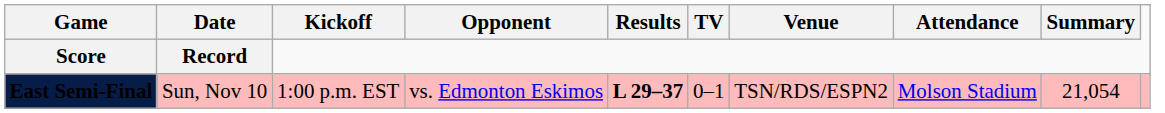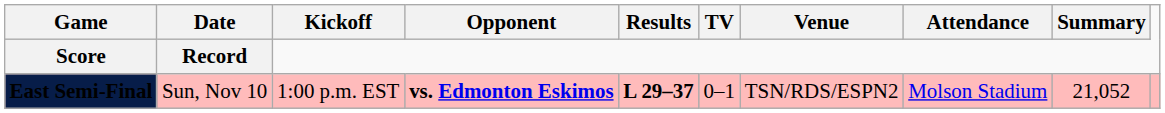 <table class="wikitable" style="font-size: 95%;">
 <tr>
 <th scope="col">Game</th>
 <th scope="col">Date</th>
 <th scope="col">Kickoff</th>
 <th scope="col">Opponent</th>
 <th scope="col">Results</th>
 <th scope="col">TV</th>
 <th scope="col">Venue</th>
 <th scope="col">Attendance</th>
 <th scope="col">Summary</th>
 </tr>
 <tr>
 <th scope="col">Score</th>
 <th scope="col">Record</th>
 </tr>
 <tr align="center" bgcolor="#ffbbbb">
 <th style="text-align:center; background:#071D49;"><span><strong>East Semi-Final</strong></span></th>
 <td align="center">Sun, Nov 10</td>
 <td align="center">1:00 p.m. EST</td>
-<td align="center">vs. <a href='#'>Edmonton Eskimos</a></td>
+<td align="center"><strong>vs. <a href='#'>Edmonton Eskimos</a></strong></td>
 <td align="center"><strong>L 29–37</strong></td>
 <td align="center">0–1</td>
 <td align="center">TSN/RDS/ESPN2</td>
 <td align="center"><a href='#'>Molson Stadium</a></td>
-<td align="center">21,054</td>
+<td align="center">21,052</td>
 <td align="center"></td>
 </tr>
 </table>
